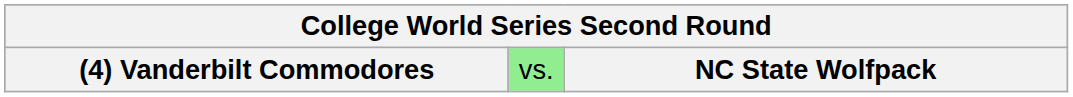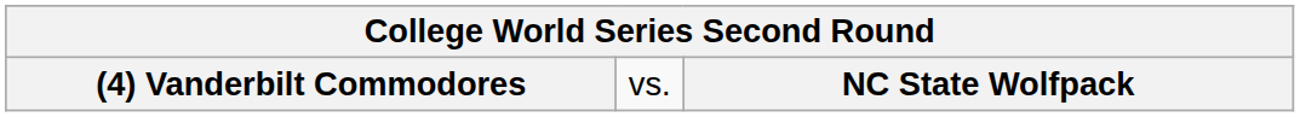 <table class="wikitable">
 <tr>
 <th style="width: 604px;" colspan=3>College World Series Second Round</th>
 </tr>
 <tr>
 <th style="width: 289px; ">(4) Vanderbilt Commodores</th>
-<td style="background: lightgreen; width: 25px; text-align:center">vs.</td>
+<td style="width: 25px; text-align:center">vs.</td>
 <th style="width: 289px; ">NC State Wolfpack</th>
 </tr>
 </table>
